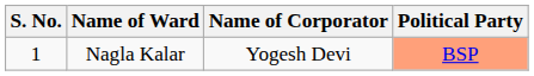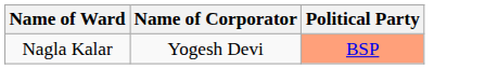 <table class="wikitable sortable">
 <tr>
-<th style="padding-center:15px;">S. No.</th>
 <th style="padding-center:15px;">Name of Ward</th>
 <th style="padding-center:15px;">Name of Corporator</th>
 <th style="padding-center:15px;">Political Party</th>
 </tr>
 <tr>
-<td align="center">1</td>
 <td align="center">Nagla Kalar</td>
 <td align="center">Yogesh Devi</td>
 <td align="center" style="background: lightsalmon;"><a href='#'>BSP</a></td>
 </tr>
 </table>
